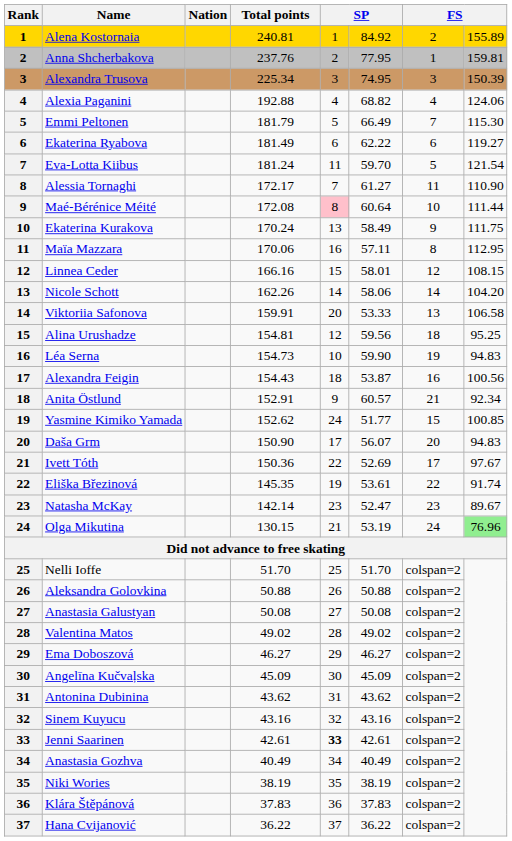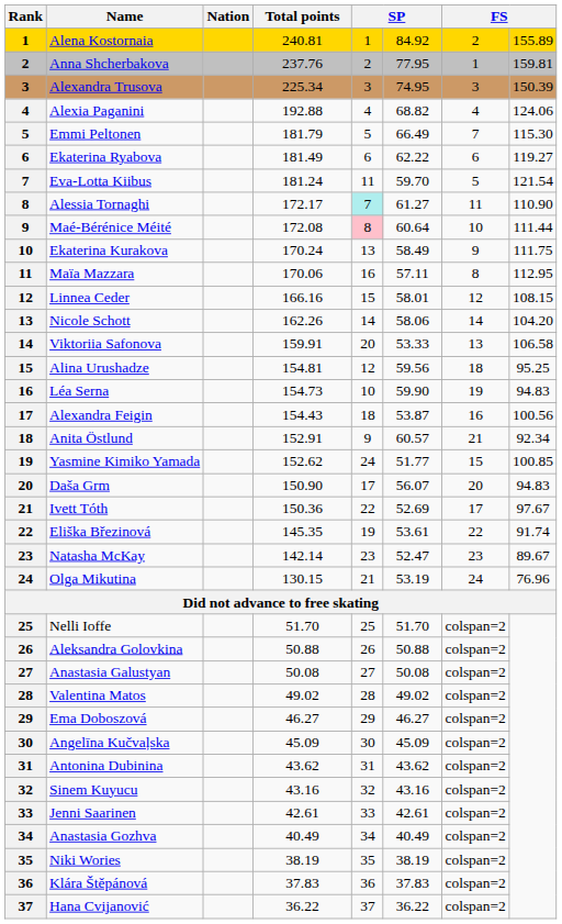 <table class="wikitable sortable">
 <tr>
 <th>Rank</th>
 <th>Name</th>
 <th>Nation</th>
 <th width="100px">Total points</th>
 <th colspan="2" width="90px"><a href='#'>SP</a></th>
 <th colspan="2" width="90px"><a href='#'>FS</a></th>
 </tr>
 <tr bgcolor="gold">
 <td align="center" bgcolor="gold"><strong>1</strong></td>
 <td><a href='#'>Alena Kostornaia</a></td>
 <td></td>
 <td align="center">240.81</td>
 <td align="center">1</td>
 <td align="center">84.92</td>
 <td align="center">2</td>
 <td align="center">155.89</td>
 </tr>
 <tr bgcolor="silver">
 <td align="center" bgcolor="silver"><strong>2</strong></td>
 <td><a href='#'>Anna Shcherbakova</a></td>
 <td></td>
 <td align="center">237.76</td>
 <td align="center">2</td>
 <td align="center">77.95</td>
 <td align="center">1</td>
 <td align="center">159.81</td>
 </tr>
 <tr bgcolor="#cc9966">
 <td align="center" bgcolor="#cc9966"><strong>3</strong></td>
 <td><a href='#'>Alexandra Trusova</a></td>
 <td></td>
 <td align="center">225.34</td>
 <td align="center">3</td>
 <td align="center">74.95</td>
 <td align="center">3</td>
 <td align="center">150.39</td>
 </tr>
 <tr>
 <th>4</th>
 <td><a href='#'>Alexia Paganini</a></td>
 <td></td>
 <td align="center">192.88</td>
 <td align="center">4</td>
 <td align="center">68.82</td>
 <td align="center">4</td>
 <td align="center">124.06</td>
 </tr>
 <tr>
 <th>5</th>
 <td><a href='#'>Emmi Peltonen</a></td>
 <td></td>
 <td align="center">181.79</td>
 <td align="center">5</td>
 <td align="center">66.49</td>
 <td align="center">7</td>
 <td align="center">115.30</td>
 </tr>
 <tr>
 <th>6</th>
 <td><a href='#'> Ekaterina Ryabova</a></td>
 <td></td>
 <td align="center">181.49</td>
 <td align="center">6</td>
 <td align="center">62.22</td>
 <td align="center">6</td>
 <td align="center">119.27</td>
 </tr>
 <tr>
 <th>7</th>
 <td><a href='#'>Eva-Lotta Kiibus</a></td>
 <td></td>
 <td align="center">181.24</td>
 <td align="center">11</td>
 <td align="center">59.70</td>
 <td align="center">5</td>
 <td align="center">121.54</td>
 </tr>
 <tr>
 <th>8</th>
 <td><a href='#'>Alessia Tornaghi</a></td>
 <td></td>
 <td align="center">172.17</td>
-<td align="center">7</td>
+<td align="center" style="background: paleturquoise;">7</td>
 <td align="center">61.27</td>
 <td align="center">11</td>
 <td align="center">110.90</td>
 </tr>
 <tr>
 <th>9</th>
 <td><a href='#'>Maé-Bérénice Méité</a></td>
 <td></td>
 <td align="center">172.08</td>
 <td align="center" style="background: pink;">8</td>
 <td align="center">60.64</td>
 <td align="center">10</td>
 <td align="center">111.44</td>
 </tr>
 <tr>
 <th>10</th>
 <td><a href='#'>Ekaterina Kurakova</a></td>
 <td></td>
 <td align="center">170.24</td>
 <td align="center">13</td>
 <td align="center">58.49</td>
 <td align="center">9</td>
 <td align="center">111.75</td>
 </tr>
 <tr>
 <th>11</th>
 <td><a href='#'>Maïa Mazzara</a></td>
 <td></td>
 <td align="center">170.06</td>
 <td align="center">16</td>
 <td align="center">57.11</td>
 <td align="center">8</td>
 <td align="center">112.95</td>
 </tr>
 <tr>
 <th>12</th>
 <td><a href='#'>Linnea Ceder</a></td>
 <td></td>
 <td align="center">166.16</td>
 <td align="center">15</td>
 <td align="center">58.01</td>
 <td align="center">12</td>
 <td align="center">108.15</td>
 </tr>
 <tr>
 <th>13</th>
 <td><a href='#'>Nicole Schott</a></td>
 <td></td>
 <td align="center">162.26</td>
 <td align="center">14</td>
 <td align="center">58.06</td>
 <td align="center">14</td>
 <td align="center">104.20</td>
 </tr>
 <tr>
 <th>14</th>
 <td><a href='#'>Viktoriia Safonova</a></td>
 <td></td>
 <td align="center">159.91</td>
 <td align="center">20</td>
 <td align="center">53.33</td>
 <td align="center">13</td>
 <td align="center">106.58</td>
 </tr>
 <tr>
 <th>15</th>
 <td><a href='#'>Alina Urushadze</a></td>
 <td></td>
 <td align="center">154.81</td>
 <td align="center">12</td>
 <td align="center">59.56</td>
 <td align="center">18</td>
 <td align="center">95.25</td>
 </tr>
 <tr>
 <th>16</th>
 <td><a href='#'>Léa Serna</a></td>
 <td></td>
 <td align="center">154.73</td>
 <td align="center">10</td>
 <td align="center">59.90</td>
 <td align="center">19</td>
 <td align="center">94.83</td>
 </tr>
 <tr>
 <th>17</th>
 <td><a href='#'>Alexandra Feigin</a></td>
 <td></td>
 <td align="center">154.43</td>
 <td align="center">18</td>
 <td align="center">53.87</td>
 <td align="center">16</td>
 <td align="center">100.56</td>
 </tr>
 <tr>
 <th>18</th>
 <td><a href='#'>Anita Östlund</a></td>
 <td></td>
 <td align="center">152.91</td>
 <td align="center">9</td>
 <td align="center">60.57</td>
 <td align="center">21</td>
 <td align="center">92.34</td>
 </tr>
 <tr>
 <th>19</th>
 <td><a href='#'>Yasmine Kimiko Yamada</a></td>
 <td></td>
 <td align="center">152.62</td>
 <td align="center">24</td>
 <td align="center">51.77</td>
 <td align="center">15</td>
 <td align="center">100.85</td>
 </tr>
 <tr>
 <th>20</th>
 <td><a href='#'>Daša Grm</a></td>
 <td></td>
 <td align="center">150.90</td>
 <td align="center">17</td>
 <td align="center">56.07</td>
 <td align="center">20</td>
 <td align="center">94.83</td>
 </tr>
 <tr>
 <th>21</th>
 <td><a href='#'>Ivett Tóth</a></td>
 <td></td>
 <td align="center">150.36</td>
 <td align="center">22</td>
 <td align="center">52.69</td>
 <td align="center">17</td>
 <td align="center">97.67</td>
 </tr>
 <tr>
 <th>22</th>
 <td><a href='#'>Eliška Březinová</a></td>
 <td></td>
 <td align="center">145.35</td>
 <td align="center">19</td>
 <td align="center">53.61</td>
 <td align="center">22</td>
 <td align="center">91.74</td>
 </tr>
 <tr>
 <th>23</th>
 <td><a href='#'>Natasha McKay</a></td>
 <td></td>
 <td align="center">142.14</td>
 <td align="center">23</td>
 <td align="center">52.47</td>
 <td align="center">23</td>
 <td align="center">89.67</td>
 </tr>
 <tr>
 <th>24</th>
 <td><a href='#'>Olga Mikutina</a></td>
 <td></td>
 <td align="center">130.15</td>
 <td align="center">21</td>
 <td align="center">53.19</td>
 <td align="center">24</td>
-<td align="center" style="background: lightgreen;">76.96</td>
+<td align="center">76.96</td>
 </tr>
 <tr>
 <th colspan=8>Did not advance to free skating</th>
 </tr>
 <tr>
 <th>25</th>
 <td>Nelli Ioffe</td>
 <td></td>
 <td align="center">51.70</td>
 <td align="center">25</td>
 <td align="center">51.70</td>
 <td>colspan=2 </td>
 </tr>
 <tr>
 <th>26</th>
 <td><a href='#'>Aleksandra Golovkina</a></td>
 <td></td>
 <td align="center">50.88</td>
 <td align="center">26</td>
 <td align="center">50.88</td>
 <td>colspan=2 </td>
 </tr>
 <tr>
 <th>27</th>
 <td><a href='#'>Anastasia Galustyan</a></td>
 <td></td>
 <td align="center">50.08</td>
 <td align="center">27</td>
 <td align="center">50.08</td>
 <td>colspan=2 </td>
 </tr>
 <tr>
 <th>28</th>
 <td><a href='#'>Valentina Matos</a></td>
 <td></td>
 <td align="center">49.02</td>
 <td align="center">28</td>
 <td align="center">49.02</td>
 <td>colspan=2 </td>
 </tr>
 <tr>
 <th>29</th>
 <td><a href='#'>Ema Doboszová</a></td>
 <td></td>
 <td align="center">46.27</td>
 <td align="center">29</td>
 <td align="center">46.27</td>
 <td>colspan=2 </td>
 </tr>
 <tr>
 <th>30</th>
 <td><a href='#'>Angelīna Kučvaļska</a></td>
 <td></td>
 <td align="center">45.09</td>
 <td align="center">30</td>
 <td align="center">45.09</td>
 <td>colspan=2 </td>
 </tr>
 <tr>
 <th>31</th>
 <td><a href='#'>Antonina Dubinina</a></td>
 <td></td>
 <td align="center">43.62</td>
 <td align="center">31</td>
 <td align="center">43.62</td>
 <td>colspan=2 </td>
 </tr>
 <tr>
 <th>32</th>
 <td><a href='#'>Sinem Kuyucu</a></td>
 <td></td>
 <td align="center">43.16</td>
 <td align="center">32</td>
 <td align="center">43.16</td>
 <td>colspan=2 </td>
 </tr>
 <tr>
 <th>33</th>
 <td><a href='#'>Jenni Saarinen</a></td>
 <td></td>
 <td align="center">42.61</td>
-<td align="center"><strong>33</strong></td>
+<td align="center">33</td>
 <td align="center">42.61</td>
 <td>colspan=2 </td>
 </tr>
 <tr>
 <th>34</th>
 <td><a href='#'>Anastasia Gozhva</a></td>
 <td></td>
 <td align="center">40.49</td>
 <td align="center">34</td>
 <td align="center">40.49</td>
 <td>colspan=2 </td>
 </tr>
 <tr>
 <th>35</th>
 <td><a href='#'>Niki Wories</a></td>
 <td></td>
 <td align="center">38.19</td>
 <td align="center">35</td>
 <td align="center">38.19</td>
 <td>colspan=2 </td>
 </tr>
 <tr>
 <th>36</th>
 <td><a href='#'>Klára Štěpánová</a></td>
 <td></td>
 <td align="center">37.83</td>
 <td align="center">36</td>
 <td align="center">37.83</td>
 <td>colspan=2 </td>
 </tr>
 <tr>
 <th>37</th>
 <td><a href='#'>Hana Cvijanović</a></td>
 <td></td>
 <td align="center">36.22</td>
 <td align="center">37</td>
 <td align="center">36.22</td>
 <td>colspan=2 </td>
 </tr>
 </table>
